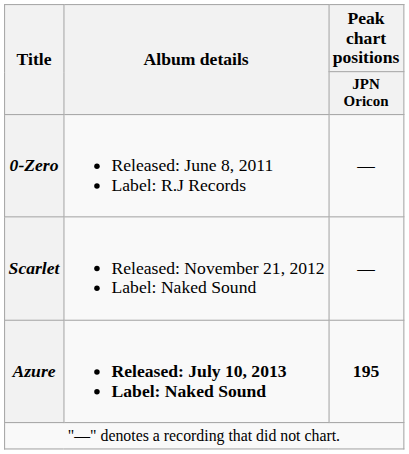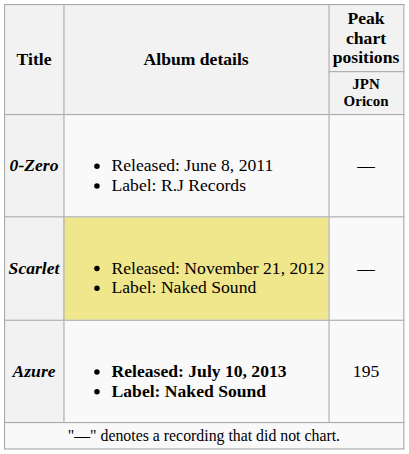 <table class="wikitable plainrowheaders">
 <tr>
 <th scope="col" rowspan="2">Title</th>
 <th scope="col" rowspan="2">Album details</th>
 <th scope="col">Peak chart positions</th>
 </tr>
 <tr>
 <th scope="col" style="width:4em;font-size:85%">JPN<br>Oricon<br></th>
 </tr>
 <tr>
 <th scope="row"><em>0-Zero</em></th>
 <td><br><ul><li>Released: June 8, 2011</li><li>Label: R.J Records</li></ul></td>
 <td align="center">—</td>
 </tr>
 <tr>
 <th scope="row"><em>Scarlet</em></th>
-<td><br><ul><li>Released: November 21, 2012</li><li>Label: Naked Sound</li></ul></td>
+<td style="background: khaki;"><br><ul><li>Released: November 21, 2012</li><li>Label: Naked Sound</li></ul></td>
 <td align="center">—</td>
 </tr>
 <tr>
 <th scope="row"><em>Azure</em></th>
 <td><strong><br><ul><li>Released: July 10, 2013</li><li>Label: Naked Sound</li></ul></strong></td>
-<td align="center"><strong>195</strong></td>
+<td align="center">195</td>
 </tr>
 <tr>
 <td align="center" colspan="3" style="font-size:90%">"—" denotes a recording that did not chart.</td>
 </tr>
 </table>
